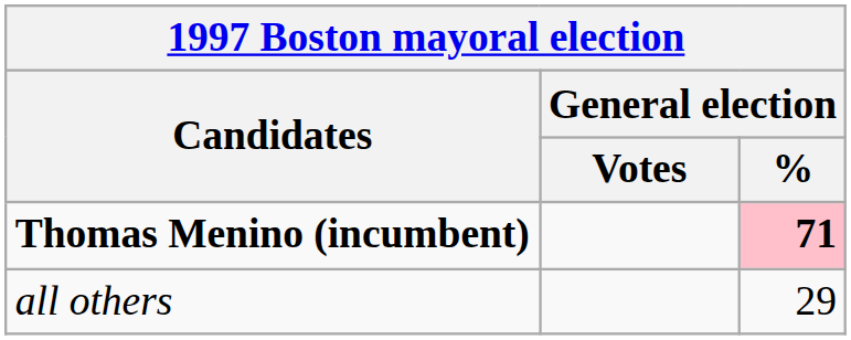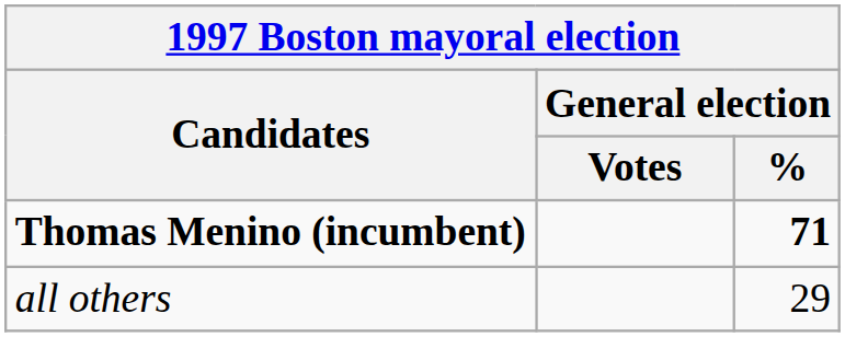 <table class=wikitable>
 <tr>
 <th colspan=5><a href='#'>1997 Boston mayoral election</a></th>
 </tr>
 <tr>
 <th colspan=1 rowspan=2><strong>Candidates</strong></th>
 <th colspan=2><strong>General election</strong></th>
 </tr>
 <tr>
 <th>Votes</th>
 <th>%</th>
 </tr>
 <tr>
 <td><strong>Thomas Menino (incumbent)</strong></td>
 <td align="right"></td>
-<td align="right" style="background: pink;"><strong>71</strong></td>
+<td align="right"><strong>71</strong></td>
 </tr>
 <tr>
 <td><em>all others</em></td>
 <td align="right"></td>
 <td align="right">29</td>
 </tr>
 </table>
